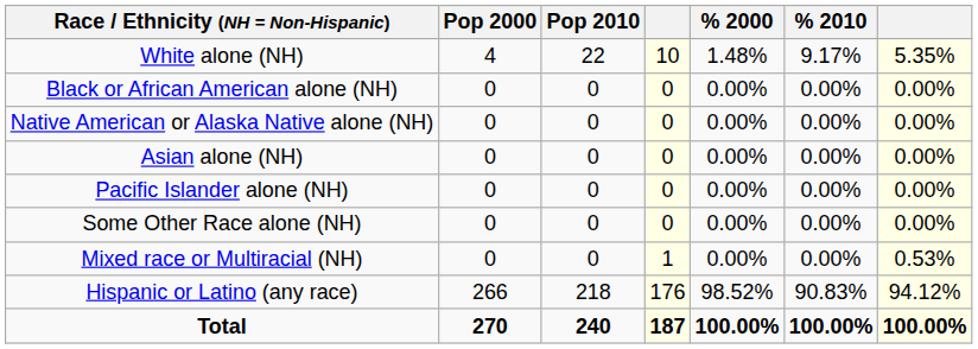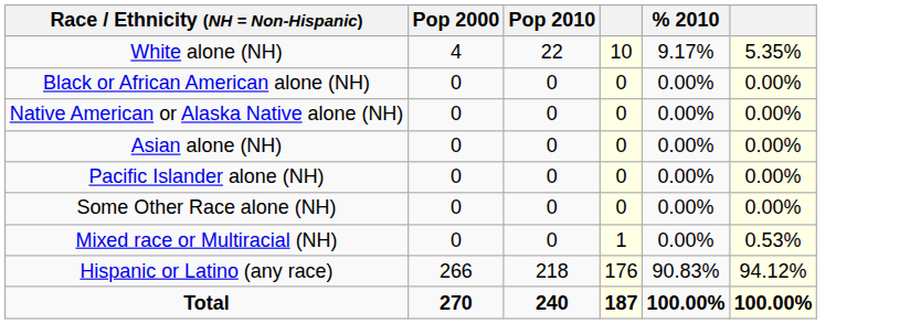 <table class="wikitable" style="text-align:center;">
 <tr>
 <th>Race / Ethnicity <small>(<em>NH = Non-Hispanic</em>)</small></th>
 <th>Pop 2000</th>
 <th>Pop 2010</th>
 <th></th>
-<th>% 2000</th>
 <th>% 2010</th>
 <th></th>
 </tr>
 <tr>
 <td><a href='#'>White</a> alone (NH)</td>
 <td>4</td>
 <td>22</td>
 <td style='background: #ffffe6;'>10</td>
-<td>1.48%</td>
 <td>9.17%</td>
 <td style='background: #ffffe6;'>5.35%</td>
 </tr>
 <tr>
 <td><a href='#'>Black or African American</a> alone (NH)</td>
 <td>0</td>
 <td>0</td>
 <td style='background: #ffffe6;'>0</td>
 <td>0.00%</td>
-<td>0.00%</td>
 <td style='background: #ffffe6;'>0.00%</td>
 </tr>
 <tr>
 <td><a href='#'>Native American</a> or <a href='#'>Alaska Native</a> alone (NH)</td>
 <td>0</td>
 <td>0</td>
 <td style='background: #ffffe6;'>0</td>
-<td>0.00%</td>
 <td>0.00%</td>
 <td style='background: #ffffe6;'>0.00%</td>
 </tr>
 <tr>
 <td><a href='#'>Asian</a> alone (NH)</td>
 <td>0</td>
 <td>0</td>
 <td style='background: #ffffe6;'>0</td>
 <td>0.00%</td>
-<td>0.00%</td>
 <td style='background: #ffffe6;'>0.00%</td>
 </tr>
 <tr>
 <td><a href='#'>Pacific Islander</a> alone (NH)</td>
 <td>0</td>
 <td>0</td>
 <td style='background: #ffffe6;'>0</td>
-<td>0.00%</td>
 <td>0.00%</td>
 <td style='background: #ffffe6;'>0.00%</td>
 </tr>
 <tr>
 <td>Some Other Race alone (NH)</td>
 <td>0</td>
 <td>0</td>
 <td style='background: #ffffe6;'>0</td>
 <td>0.00%</td>
-<td>0.00%</td>
 <td style='background: #ffffe6;'>0.00%</td>
 </tr>
 <tr>
 <td><a href='#'>Mixed race or Multiracial</a> (NH)</td>
 <td>0</td>
 <td>0</td>
 <td style='background: #ffffe6;'>1</td>
 <td>0.00%</td>
-<td>0.00%</td>
 <td style='background: #ffffe6;'>0.53%</td>
 </tr>
 <tr>
 <td><a href='#'>Hispanic or Latino</a> (any race)</td>
 <td>266</td>
 <td>218</td>
 <td style='background: #ffffe6;'>176</td>
-<td>98.52%</td>
 <td>90.83%</td>
 <td style='background: #ffffe6;'>94.12%</td>
 </tr>
 <tr>
 <td><strong>Total</strong></td>
 <td><strong>270</strong></td>
 <td><strong>240</strong></td>
 <td style='background: #ffffe6;'><strong>187</strong></td>
 <td><strong>100.00%</strong></td>
-<td><strong>100.00%</strong></td>
 <td style='background: #ffffe6;'><strong>100.00%</strong></td>
 </tr>
 </table>
